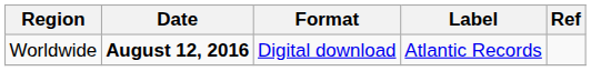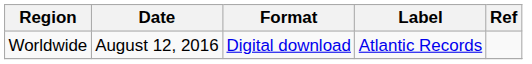 <table class="wikitable plainrowheaders">
 <tr>
 <th scope="col">Region</th>
 <th scope="col">Date</th>
 <th scope="col">Format</th>
 <th scope="col">Label</th>
 <th scope="col">Ref</th>
 </tr>
 <tr>
 <td>Worldwide</td>
-<td><strong>August 12, 2016</strong></td>
+<td>August 12, 2016</td>
 <td><a href='#'>Digital download</a></td>
 <td><a href='#'>Atlantic Records</a></td>
 <td style="text-align:center;"></td>
 </tr>
 <tr>
 </tr>
 </table>
